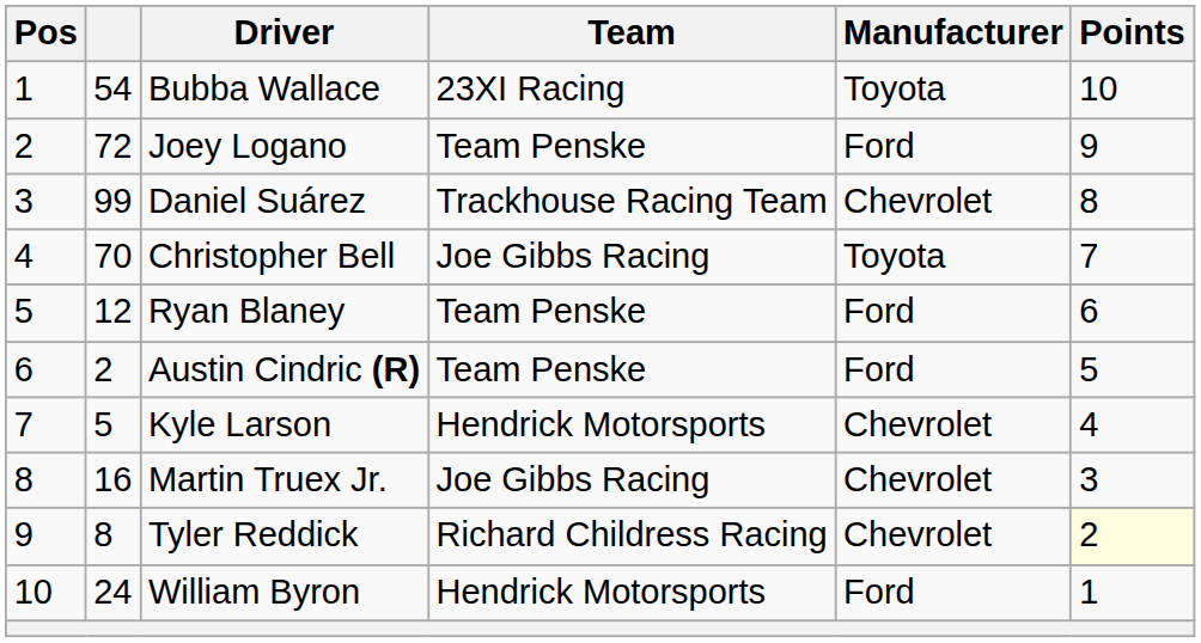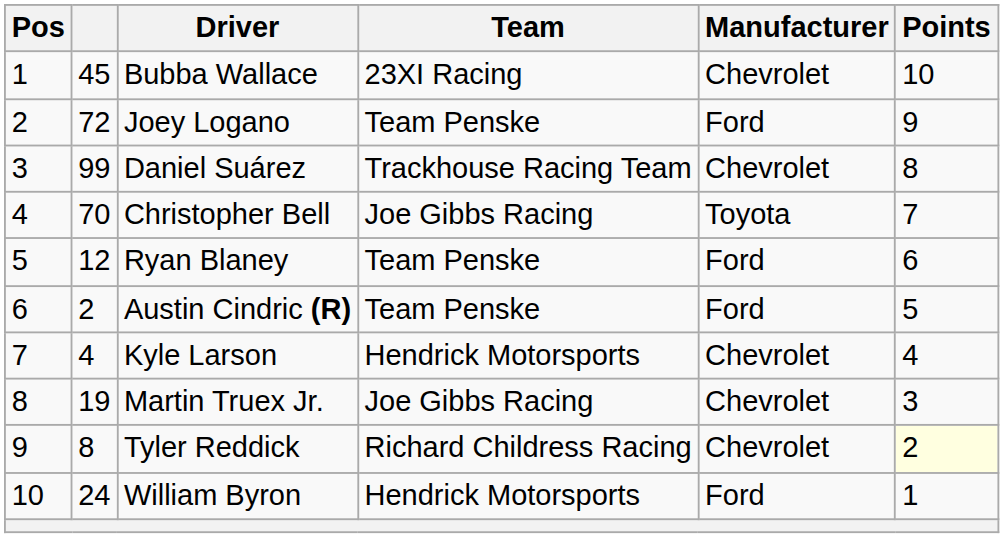 <table class="wikitable" style="font-size:98%">
 <tr>
 <th>Pos</th>
 <th></th>
 <th>Driver</th>
 <th>Team</th>
 <th>Manufacturer</th>
 <th>Points</th>
 </tr>
 <tr>
 <td>1</td>
-<td>54</td>
+<td>45</td>
 <td>Bubba Wallace</td>
 <td>23XI Racing</td>
-<td>Toyota</td>
+<td>Chevrolet</td>
 <td>10</td>
 </tr>
 <tr>
 <td>2</td>
 <td>72</td>
 <td>Joey Logano</td>
 <td>Team Penske</td>
 <td>Ford</td>
 <td>9</td>
 </tr>
 <tr>
 <td>3</td>
 <td>99</td>
 <td>Daniel Suárez</td>
 <td>Trackhouse Racing Team</td>
 <td>Chevrolet</td>
 <td>8</td>
 </tr>
 <tr>
 <td>4</td>
 <td>70</td>
 <td>Christopher Bell</td>
 <td>Joe Gibbs Racing</td>
 <td>Toyota</td>
 <td>7</td>
 </tr>
 <tr>
 <td>5</td>
 <td>12</td>
 <td>Ryan Blaney</td>
 <td>Team Penske</td>
 <td>Ford</td>
 <td>6</td>
 </tr>
 <tr>
 <td>6</td>
 <td>2</td>
 <td>Austin Cindric <strong>(R)</strong></td>
 <td>Team Penske</td>
 <td>Ford</td>
 <td>5</td>
 </tr>
 <tr>
 <td>7</td>
-<td>5</td>
+<td>4</td>
 <td>Kyle Larson</td>
 <td>Hendrick Motorsports</td>
 <td>Chevrolet</td>
 <td>4</td>
 </tr>
 <tr>
 <td>8</td>
-<td>16</td>
+<td>19</td>
 <td>Martin Truex Jr.</td>
 <td>Joe Gibbs Racing</td>
 <td>Chevrolet</td>
 <td>3</td>
 </tr>
 <tr>
 <td>9</td>
 <td>8</td>
 <td>Tyler Reddick</td>
 <td>Richard Childress Racing</td>
 <td>Chevrolet</td>
 <td style="background: lightyellow;">2</td>
 </tr>
 <tr>
 <td>10</td>
 <td>24</td>
 <td>William Byron</td>
 <td>Hendrick Motorsports</td>
 <td>Ford</td>
 <td>1</td>
 </tr>
 <tr>
 <th colspan="6"></th>
 </tr>
 </table>
